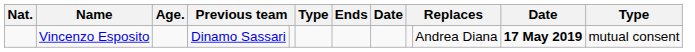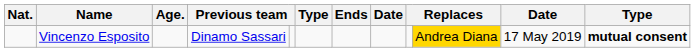 <table class="wikitable sortable">
 <tr>
 <th>Nat.</th>
 <th>Name</th>
 <th>Age.</th>
 <th colspan=2>Previous team</th>
 <th>Type</th>
 <th>Ends</th>
 <th>Date</th>
 <th colspan=2>Replaces</th>
 <th>Date</th>
 <th>Type</th>
 </tr>
 <tr>
 <td></td>
 <td><a href='#'>Vincenzo Esposito</a></td>
 <td></td>
 <td><a href='#'>Dinamo Sassari</a></td>
 <td></td>
 <td></td>
 <td></td>
 <td></td>
 <td></td>
-<td>Andrea Diana</td>
-<td><strong>17 May 2019</strong></td>
-<td>mutual consent</td>
+<td style="background: gold;">Andrea Diana</td>
+<td>17 May 2019</td>
+<td><strong>mutual consent</strong></td>
 </tr>
 </table>
